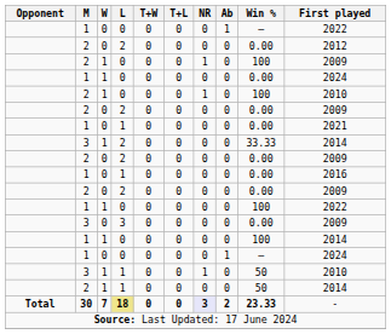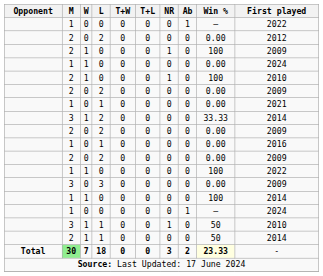 <table class="wikitable" style="text-align: center; width: 500px;">
 <tr>
 <th>Opponent</th>
 <th>M</th>
 <th>W</th>
 <th>L</th>
 <th>T+W</th>
 <th>T+L</th>
 <th>NR</th>
 <th>Ab</th>
 <th>Win %</th>
 <th>First played</th>
 </tr>
 <tr>
 <td align="left"></td>
 <td>1</td>
 <td>0</td>
 <td>0</td>
 <td>0</td>
 <td>0</td>
 <td>0</td>
 <td>1</td>
 <td>—</td>
 <td>2022</td>
 </tr>
 <tr>
 <td align="left"></td>
 <td>2</td>
 <td>0</td>
 <td>2</td>
 <td>0</td>
 <td>0</td>
 <td>0</td>
 <td>0</td>
 <td>0.00</td>
 <td>2012</td>
 </tr>
 <tr>
 <td align="left"></td>
 <td>2</td>
 <td>1</td>
 <td>0</td>
 <td>0</td>
 <td>0</td>
 <td>1</td>
 <td>0</td>
 <td>100</td>
 <td>2009</td>
 </tr>
 <tr>
 <td align="left"></td>
 <td>1</td>
 <td>1</td>
 <td>0</td>
 <td>0</td>
 <td>0</td>
 <td>0</td>
 <td>0</td>
 <td>0.00</td>
 <td>2024</td>
 </tr>
 <tr>
 <td align="left"></td>
 <td>2</td>
 <td>1</td>
 <td>0</td>
 <td>0</td>
 <td>0</td>
 <td>1</td>
 <td>0</td>
 <td>100</td>
 <td>2010</td>
 </tr>
 <tr>
 <td align="left"></td>
 <td>2</td>
 <td>0</td>
 <td>2</td>
 <td>0</td>
 <td>0</td>
 <td>0</td>
 <td>0</td>
 <td>0.00</td>
 <td>2009</td>
 </tr>
 <tr>
 <td align="left"></td>
 <td>1</td>
 <td>0</td>
 <td>1</td>
 <td>0</td>
 <td>0</td>
 <td>0</td>
 <td>0</td>
 <td>0.00</td>
 <td>2021</td>
 </tr>
 <tr>
 <td align="left"></td>
 <td>3</td>
 <td>1</td>
 <td>2</td>
 <td>0</td>
 <td>0</td>
 <td>0</td>
 <td>0</td>
 <td>33.33</td>
 <td>2014</td>
 </tr>
 <tr>
 <td align="left"></td>
 <td>2</td>
 <td>0</td>
 <td>2</td>
 <td>0</td>
 <td>0</td>
 <td>0</td>
 <td>0</td>
 <td>0.00</td>
 <td>2009</td>
 </tr>
 <tr>
 <td align="left"></td>
 <td>1</td>
 <td>0</td>
 <td>1</td>
 <td>0</td>
 <td>0</td>
 <td>0</td>
 <td>0</td>
 <td>0.00</td>
 <td>2016</td>
 </tr>
 <tr>
 <td align="left"></td>
 <td>2</td>
 <td>0</td>
 <td>2</td>
 <td>0</td>
 <td>0</td>
 <td>0</td>
 <td>0</td>
 <td>0.00</td>
 <td>2009</td>
 </tr>
 <tr>
 <td align="left"></td>
 <td>1</td>
 <td>1</td>
 <td>0</td>
 <td>0</td>
 <td>0</td>
 <td>0</td>
 <td>0</td>
 <td>100</td>
 <td>2022</td>
 </tr>
 <tr>
 <td align="left"></td>
 <td>3</td>
 <td>0</td>
 <td>3</td>
 <td>0</td>
 <td>0</td>
 <td>0</td>
 <td>0</td>
 <td>0.00</td>
 <td>2009</td>
 </tr>
 <tr>
 <td align="left"></td>
 <td>1</td>
 <td>1</td>
 <td>0</td>
 <td>0</td>
 <td>0</td>
 <td>0</td>
 <td>0</td>
 <td>100</td>
 <td>2014</td>
 </tr>
 <tr>
 <td align="left"></td>
 <td>1</td>
 <td>0</td>
 <td>0</td>
 <td>0</td>
 <td>0</td>
 <td>0</td>
 <td>1</td>
 <td>—</td>
 <td>2024</td>
 </tr>
 <tr>
 <td align="left"></td>
 <td>3</td>
 <td>1</td>
 <td>1</td>
 <td>0</td>
 <td>0</td>
 <td>1</td>
 <td>0</td>
 <td>50</td>
 <td>2010</td>
 </tr>
 <tr>
 <td align="left"></td>
 <td>2</td>
 <td>1</td>
 <td>1</td>
 <td>0</td>
 <td>0</td>
 <td>0</td>
 <td>0</td>
 <td>50</td>
 <td>2014</td>
 </tr>
 <tr>
 <td><strong>Total</strong></td>
-<td><strong>30</strong></td>
+<td style="background: lightgreen;"><strong>30</strong></td>
 <td><strong>7</strong></td>
-<td style="background: khaki;"><strong>18</strong></td>
+<td><strong>18</strong></td>
 <td><strong>0</strong></td>
 <td><strong>0</strong></td>
-<td style="background: lavender;"><strong>3</strong></td>
+<td><strong>3</strong></td>
 <td><strong>2</strong></td>
-<td><strong>23.33</strong></td>
+<td style="background: lightyellow;"><strong>23.33</strong></td>
 <td>-</td>
 </tr>
 <tr>
 <td colspan="10"><strong>Source:</strong> Last Updated: 17 June 2024</td>
 </tr>
 <tr>
 </tr>
 </table>
